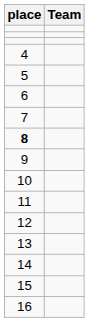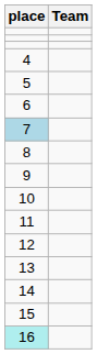 <table class="wikitable" style="text-align:center">
 <tr>
 <th>place</th>
 <th>Team</th>
 </tr>
 <tr>
 <td></td>
 <td align="left"></td>
 </tr>
 <tr>
 <td></td>
 <td align="left"></td>
 </tr>
 <tr>
 <td></td>
 <td align="left"></td>
 </tr>
 <tr>
 <td>4</td>
 <td align="left"></td>
 </tr>
 <tr>
 <td>5</td>
 <td align="left"></td>
 </tr>
 <tr>
 <td>6</td>
 <td align="left"></td>
 </tr>
 <tr>
-<td>7</td>
+<td style="background: lightblue;">7</td>
 <td align="left"></td>
 </tr>
 <tr>
-<td><strong>8</strong></td>
+<td>8</td>
 <td align="left"></td>
 </tr>
 <tr>
 <td>9</td>
 <td align="left"></td>
 </tr>
 <tr>
 <td>10</td>
 <td align="left"></td>
 </tr>
 <tr>
 <td>11</td>
 <td align="left"></td>
 </tr>
 <tr>
 <td>12</td>
 <td align="left"></td>
 </tr>
 <tr>
 <td>13</td>
 <td align="left"></td>
 </tr>
 <tr>
 <td>14</td>
 <td align="left"></td>
 </tr>
 <tr>
 <td>15</td>
 <td align="left"></td>
 </tr>
 <tr>
-<td>16</td>
+<td style="background: paleturquoise;">16</td>
 <td align="left"></td>
 </tr>
 </table>
